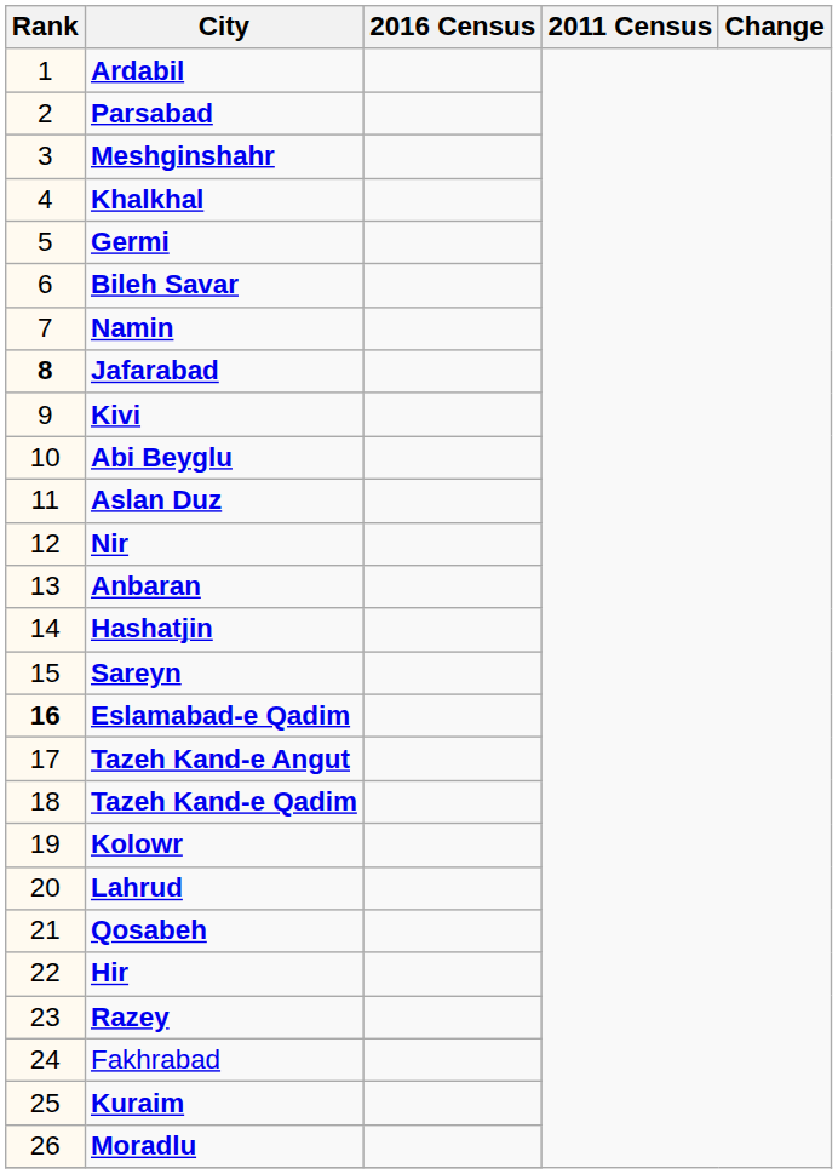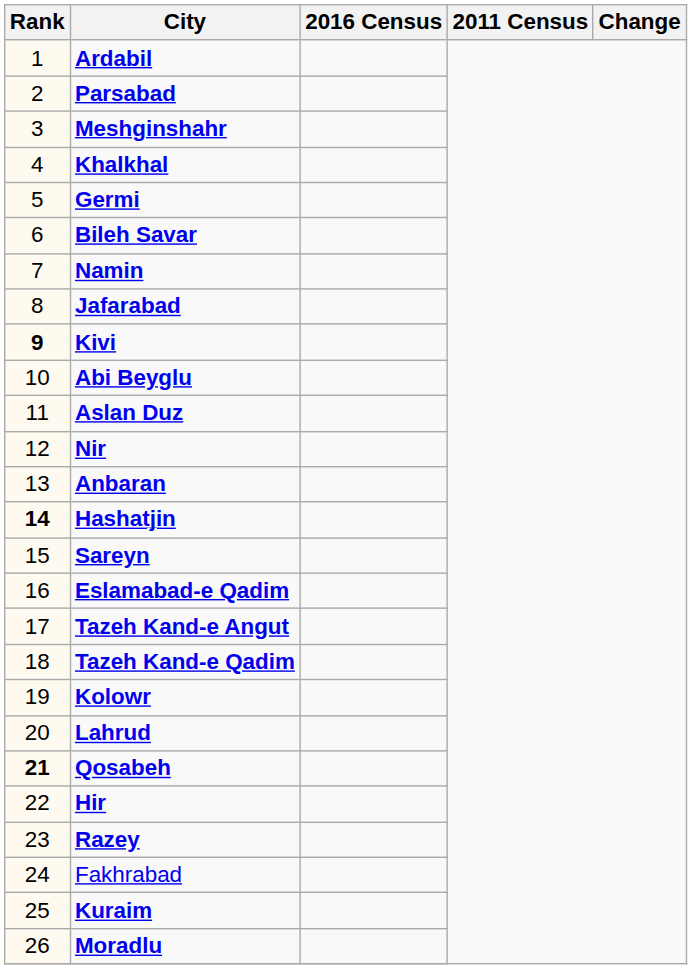 <table class="wikitable sortable">
 <tr>
 <th>Rank</th>
 <th>City</th>
 <th>2016 Census</th>
 <th>2011 Census</th>
 <th>Change</th>
 </tr>
 <tr>
 <td align=center bgcolor="FFFAF0">1</td>
 <td><strong><a href='#'>Ardabil</a></strong></td>
 <td></td>
 </tr>
 <tr>
 <td align=center bgcolor="FFFAF0">2</td>
 <td><strong><a href='#'>Parsabad</a></strong></td>
 <td></td>
 </tr>
 <tr>
 <td align=center bgcolor="FFFAF0">3</td>
 <td><strong><a href='#'>Meshginshahr</a></strong></td>
 <td></td>
 </tr>
 <tr>
 <td align=center bgcolor="FFFAF0">4</td>
 <td><strong><a href='#'>Khalkhal</a></strong></td>
 <td></td>
 </tr>
 <tr>
 <td align=center bgcolor="FFFAF0">5</td>
 <td><strong><a href='#'>Germi</a></strong></td>
 <td></td>
 </tr>
 <tr>
 <td align=center bgcolor="FFFAF0">6</td>
 <td><strong><a href='#'>Bileh Savar</a></strong></td>
 <td></td>
 </tr>
 <tr>
 <td align=center bgcolor="FFFAF0">7</td>
 <td><strong><a href='#'>Namin</a></strong></td>
 <td></td>
 </tr>
 <tr>
-<td align=center bgcolor="FFFAF0"><strong>8</strong></td>
+<td align=center bgcolor="FFFAF0">8</td>
 <td><strong><a href='#'>Jafarabad</a></strong></td>
 <td></td>
 </tr>
 <tr>
-<td align=center bgcolor="FFFAF0">9</td>
+<td align=center bgcolor="FFFAF0"><strong>9</strong></td>
 <td><strong><a href='#'>Kivi</a></strong></td>
 <td></td>
 </tr>
 <tr>
 <td align="center" bgcolor="FFFAF0">10</td>
 <td><strong><a href='#'>Abi Beyglu</a></strong></td>
 <td></td>
 </tr>
 <tr>
 <td align="center" bgcolor="FFFAF0">11</td>
 <td><strong><a href='#'>Aslan Duz</a></strong></td>
 <td></td>
 </tr>
 <tr>
 <td align="center" bgcolor="FFFAF0">12</td>
 <td><strong><a href='#'>Nir</a></strong></td>
 <td></td>
 </tr>
 <tr>
 <td align=center bgcolor="FFFAF0">13</td>
 <td><strong><a href='#'>Anbaran</a></strong></td>
 <td></td>
 </tr>
 <tr>
-<td align=center bgcolor="FFFAF0">14</td>
+<td align=center bgcolor="FFFAF0"><strong>14</strong></td>
 <td><strong><a href='#'>Hashatjin</a></strong></td>
 <td></td>
 </tr>
 <tr>
 <td align=center bgcolor="FFFAF0">15</td>
 <td><strong><a href='#'>Sareyn</a></strong></td>
 <td></td>
 </tr>
 <tr>
-<td align=center bgcolor="FFFAF0"><strong>16</strong></td>
+<td align=center bgcolor="FFFAF0">16</td>
 <td><strong><a href='#'>Eslamabad-e Qadim</a></strong></td>
 <td></td>
 </tr>
 <tr>
 <td align="center" bgcolor="FFFAF0">17</td>
 <td><strong><a href='#'>Tazeh Kand-e Angut</a></strong></td>
 <td></td>
 </tr>
 <tr>
 <td align=center bgcolor="FFFAF0">18</td>
 <td><strong><a href='#'>Tazeh Kand-e Qadim</a></strong></td>
 <td></td>
 </tr>
 <tr>
 <td align="center" bgcolor="FFFAF0">19</td>
 <td><strong><a href='#'>Kolowr</a></strong></td>
 <td></td>
 </tr>
 <tr>
 <td align="center" bgcolor="FFFAF0">20</td>
 <td><strong><a href='#'>Lahrud</a></strong></td>
 <td></td>
 </tr>
 <tr>
-<td align=center bgcolor="FFFAF0">21</td>
+<td align=center bgcolor="FFFAF0"><strong>21</strong></td>
 <td><strong><a href='#'>Qosabeh</a></strong></td>
 <td></td>
 </tr>
 <tr>
 <td align=center bgcolor="FFFAF0">22</td>
 <td><strong><a href='#'>Hir</a></strong></td>
 <td></td>
 </tr>
 <tr>
 <td align=center bgcolor="FFFAF0">23</td>
 <td><strong><a href='#'>Razey</a></strong></td>
 <td></td>
 </tr>
 <tr>
 <td align=center bgcolor="FFFAF0">24</td>
 <td><a href='#'>Fakhrabad</a></td>
 <td></td>
 </tr>
 <tr>
 <td align=center bgcolor="FFFAF0">25</td>
 <td><strong><a href='#'>Kuraim</a></strong></td>
 <td></td>
 </tr>
 <tr>
 <td align=center bgcolor="FFFAF0">26</td>
 <td><strong><a href='#'>Moradlu</a></strong></td>
 <td></td>
 </tr>
 <tr>
 </tr>
 </table>
